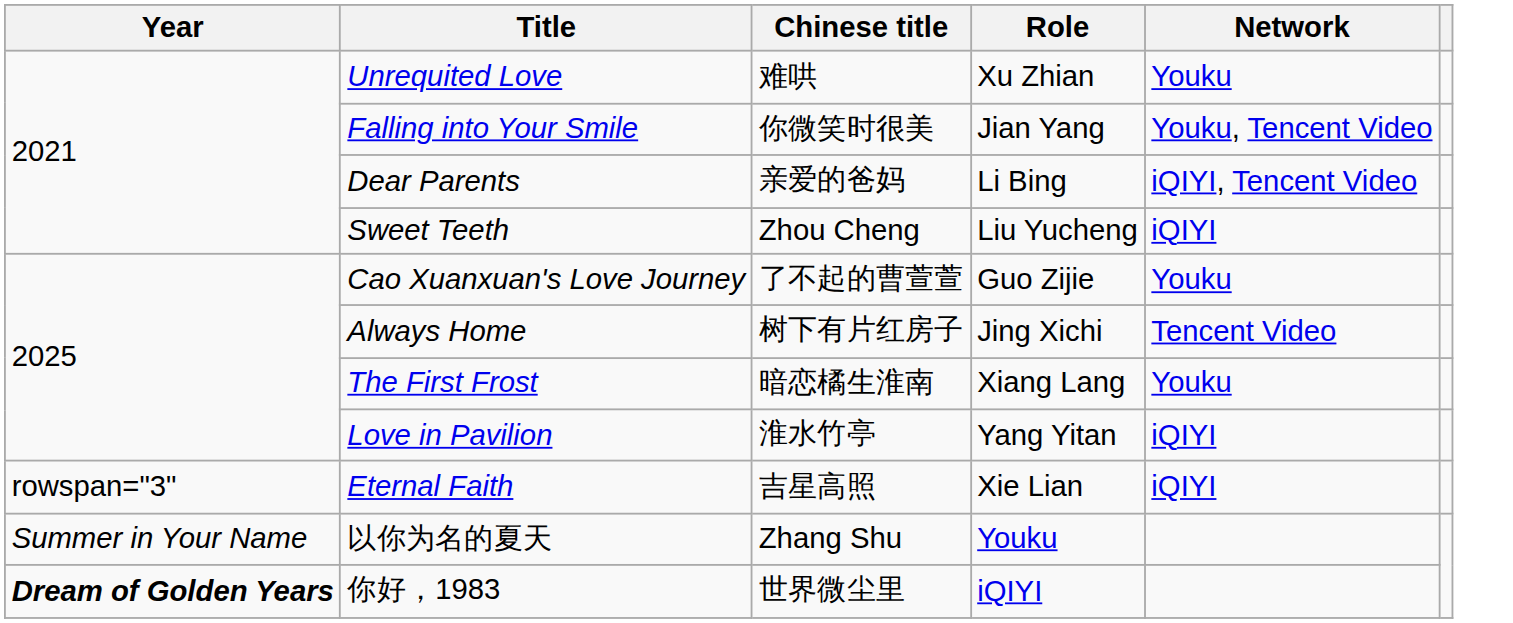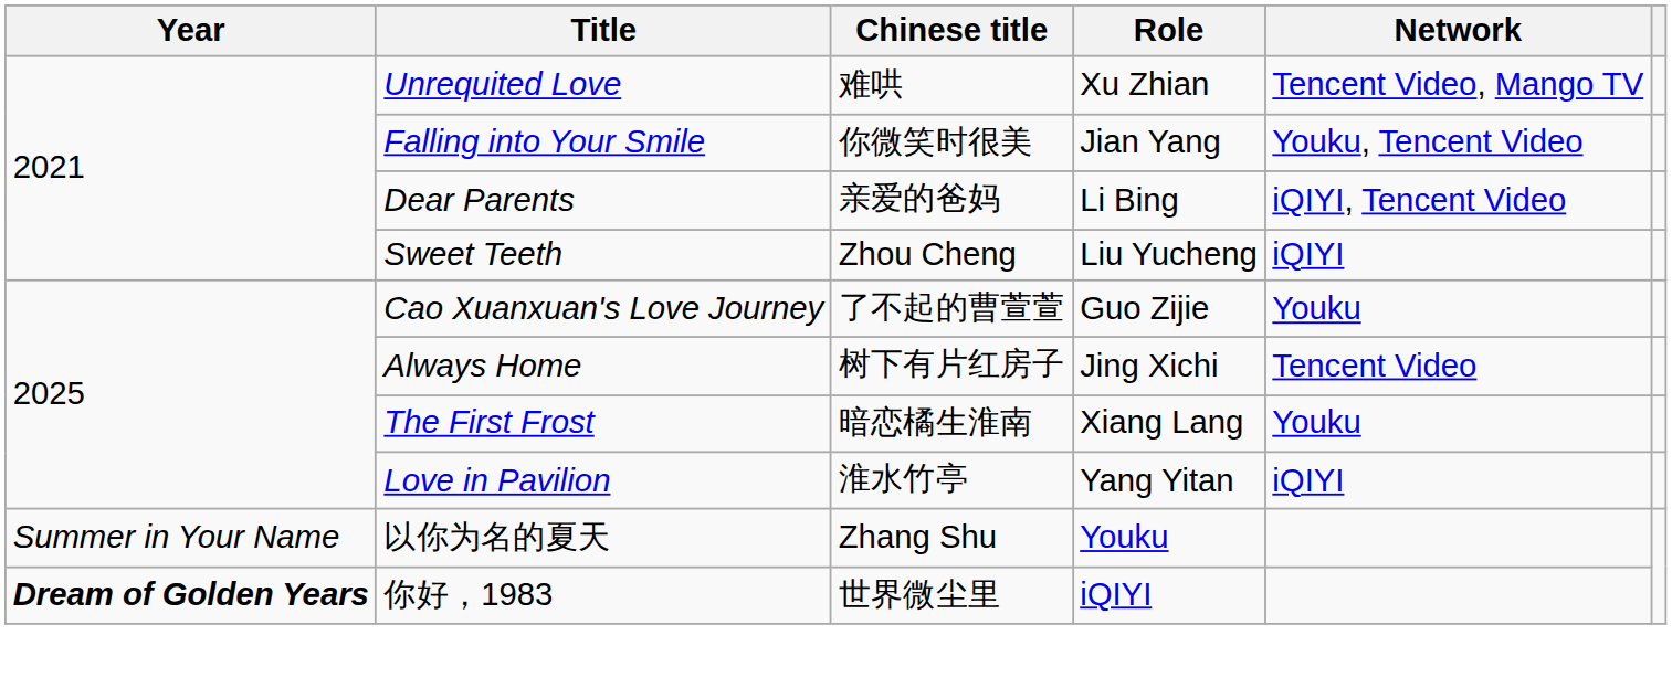 <table class="wikitable sortable plainrowheaders">
 <tr>
 <th>Year</th>
 <th>Title</th>
 <th>Chinese title</th>
 <th>Role</th>
 <th>Network</th>
 <th></th>
 </tr>
 <tr>
 <td rowspan="4">2021</td>
 <td><em><a href='#'>Unrequited Love</a></em></td>
 <td>难哄</td>
 <td>Xu Zhian</td>
-<td><a href='#'>Youku</a></td>
+<td><a href='#'>Tencent Video</a>, <a href='#'>Mango TV</a></td>
 <td></td>
 </tr>
 <tr>
 <td><em><a href='#'>Falling into Your Smile</a></em></td>
 <td>你微笑时很美</td>
 <td>Jian Yang</td>
 <td><a href='#'>Youku</a>, <a href='#'>Tencent Video</a></td>
 <td></td>
 </tr>
 <tr>
 <td><em>Dear Parents</em></td>
 <td>亲爱的爸妈</td>
 <td>Li Bing</td>
 <td><a href='#'>iQIYI</a>, <a href='#'>Tencent Video</a></td>
 <td></td>
 </tr>
 <tr>
 <td><em>Sweet Teeth</em></td>
 <td>Zhou Cheng</td>
 <td>Liu Yucheng</td>
 <td><a href='#'>iQIYI</a></td>
 <td></td>
 </tr>
 <tr>
 <td rowspan="4">2025</td>
 <td><em>Cao Xuanxuan's Love Journey</em></td>
 <td>了不起的曹萱萱</td>
 <td>Guo Zijie</td>
 <td><a href='#'>Youku</a></td>
 <td></td>
 </tr>
 <tr>
 <td><em>Always Home</em></td>
 <td>树下有片红房子</td>
 <td>Jing Xichi</td>
 <td><a href='#'>Tencent Video</a></td>
 <td></td>
 </tr>
 <tr>
 <td><em><a href='#'>The First Frost</a></em></td>
 <td>暗恋橘生淮南</td>
 <td>Xiang Lang</td>
 <td><a href='#'>Youku</a></td>
 <td></td>
 </tr>
 <tr>
 <td><em><a href='#'>Love in Pavilion</a></em></td>
 <td>淮水竹亭</td>
 <td>Yang Yitan</td>
 <td><a href='#'>iQIYI</a></td>
 <td></td>
 </tr>
 <tr>
-<td>rowspan="3" </td>
-<td><em><a href='#'>Eternal Faith</a></em></td>
-<td>吉星高照</td>
-<td>Xie Lian</td>
-<td><a href='#'>iQIYI</a></td>
-<td></td>
-</tr>
-<tr>
 <td><em>Summer in Your Name</em></td>
 <td>以你为名的夏天</td>
 <td>Zhang Shu</td>
 <td><a href='#'>Youku</a></td>
 <td></td>
 </tr>
 <tr>
 <td><strong><em>Dream of Golden Years</em></strong></td>
 <td>你好，1983</td>
 <td>世界微尘里</td>
 <td><a href='#'>iQIYI</a></td>
 <td></td>
 </tr>
 </table>
